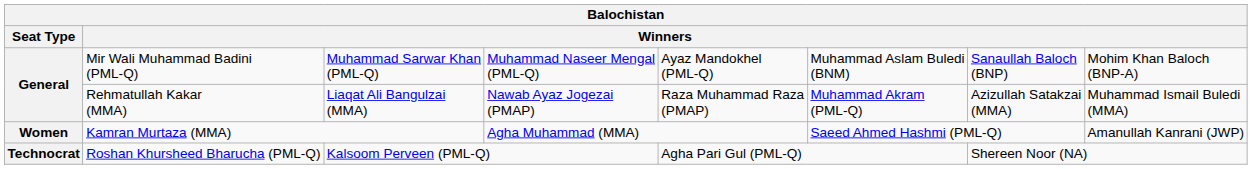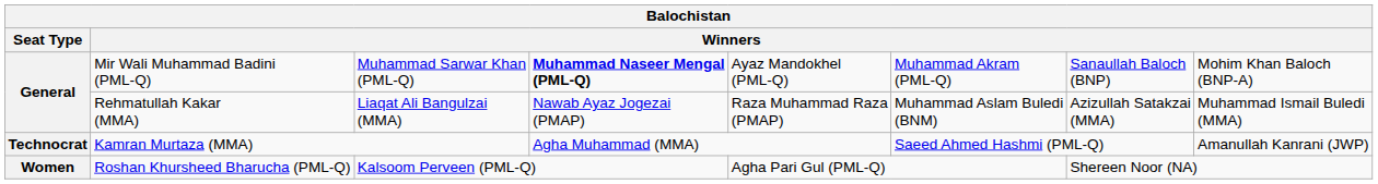 <table class="wikitable">
 <tr>
 <th colspan="8">Balochistan</th>
 </tr>
 <tr>
 <th>Seat Type</th>
 <th colspan="7">Winners</th>
 </tr>
 <tr>
 <th rowspan="2">General</th>
 <td style="background:">Mir Wali Muhammad Badini<br>(PML-Q)</td>
 <td style="background:"><a href='#'>Muhammad Sarwar Khan</a><br>(PML-Q)</td>
-<td style="background:"><a href='#'>Muhammad Naseer Mengal</a><br>(PML-Q)</td>
+<td style="background:"><strong><a href='#'>Muhammad Naseer Mengal</a><br>(PML-Q)</strong></td>
 <td style="background:">Ayaz Mandokhel<br>(PML-Q)</td>
-<td style="background:">Muhammad Aslam Buledi<br>(BNM)</td>
+<td style="background:"><a href='#'>Muhammad Akram</a><br>(PML-Q)</td>
 <td style="background:"><a href='#'>Sanaullah Baloch</a><br>(BNP)</td>
 <td style="background:">Mohim Khan Baloch<br>(BNP-A)</td>
 </tr>
 <tr>
 <td style="background:">Rehmatullah Kakar<br>(MMA)</td>
 <td style="background:"><a href='#'>Liaqat Ali Bangulzai</a><br>(MMA)</td>
 <td style="background:"><a href='#'>Nawab Ayaz Jogezai</a><br>(PMAP)</td>
 <td style="background:">Raza Muhammad Raza<br>(PMAP)</td>
-<td style="background:"><a href='#'>Muhammad Akram</a><br>(PML-Q)</td>
+<td style="background:">Muhammad Aslam Buledi<br>(BNM)</td>
 <td style="background:">Azizullah Satakzai<br>(MMA)</td>
 <td style="background:">Muhammad Ismail Buledi<br>(MMA)</td>
 </tr>
 <tr>
-<th>Women</th>
+<th>Technocrat</th>
 <td colspan="2" style="background:"><a href='#'>Kamran Murtaza</a> (MMA)</td>
 <td colspan="2" style="background:"><a href='#'>Agha Muhammad</a> (MMA)</td>
 <td colspan="2" style="background:"><a href='#'>Saeed Ahmed Hashmi</a> (PML-Q)</td>
 <td colspan="1" style="background:">Amanullah Kanrani (JWP)</td>
 </tr>
 <tr>
-<th>Technocrat</th>
+<th>Women</th>
 <td colspan="1" style="background:"><a href='#'>Roshan Khursheed Bharucha</a> (PML-Q)</td>
 <td colspan="2" style="background:"><a href='#'>Kalsoom Perveen</a> (PML-Q)</td>
 <td colspan="2" style="background:">Agha Pari Gul (PML-Q)</td>
 <td colspan="2" style="background:">Shereen Noor (NA)</td>
 </tr>
 </table>
